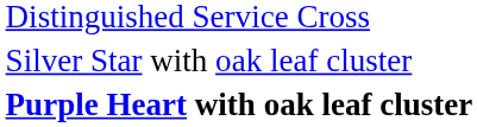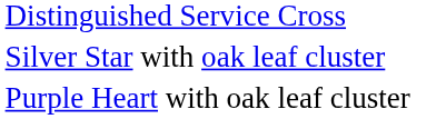 <table>
 <tr>
 <td>  <a href='#'>Distinguished Service Cross</a></td>
 </tr>
 <tr>
 <td>  <a href='#'>Silver Star</a> with <a href='#'>oak leaf cluster</a></td>
 </tr>
 <tr>
-<td><strong>  <a href='#'>Purple Heart</a> with oak leaf cluster</strong></td>
+<td>  <a href='#'>Purple Heart</a> with oak leaf cluster</td>
 </tr>
 <tr>
 </tr>
 </table>
